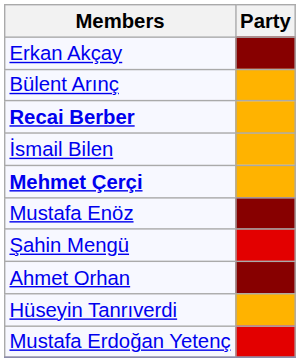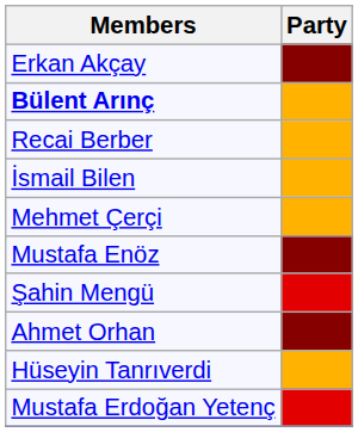 <table class=wikitable style="border:1px solid #8888aa; background-color:#f7f8ff; padding:0px; font-size:90%;">
 <tr>
 <th>Members</th>
 <th colspan="2">Party</th>
 </tr>
 <tr>
 <td><a href='#'>Erkan Akçay</a></td>
 <td style="background: #870000"></td>
 </tr>
 <tr>
-<td><a href='#'>Bülent Arınç</a></td>
+<td><strong><a href='#'>Bülent Arınç</a></strong></td>
 <td style="background: #ffb300"></td>
 </tr>
 <tr>
-<td><strong><a href='#'>Recai Berber</a></strong></td>
+<td><a href='#'>Recai Berber</a></td>
 <td style="background: #ffb300"></td>
 </tr>
 <tr>
 <td><a href='#'>İsmail Bilen</a></td>
 <td style="background: #ffb300"></td>
 </tr>
 <tr>
-<td><strong><a href='#'>Mehmet Çerçi</a></strong></td>
+<td><a href='#'>Mehmet Çerçi</a></td>
 <td style="background: #ffb300"></td>
 </tr>
 <tr>
 <td><a href='#'>Mustafa Enöz</a></td>
 <td style="background: #870000"></td>
 </tr>
 <tr>
 <td><a href='#'>Şahin Mengü</a></td>
 <td style="background: #e30000"></td>
 </tr>
 <tr>
 <td><a href='#'>Ahmet Orhan</a></td>
 <td style="background: #870000"></td>
 </tr>
 <tr>
 <td><a href='#'>Hüseyin Tanrıverdi</a></td>
 <td style="background: #ffb300"></td>
 </tr>
 <tr>
 <td><a href='#'>Mustafa Erdoğan Yetenç</a></td>
 <td style="background: #e30000"></td>
 </tr>
 <tr>
 </tr>
 </table>
